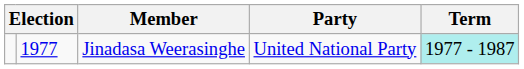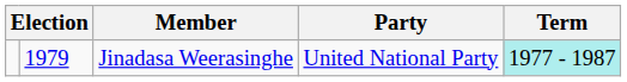 <table class="wikitable">
 <tr>
 <th colspan="2">Election</th>
 <th>Member</th>
 <th>Party</th>
 <th>Term</th>
 </tr>
 <tr>
 <td style="background-color: "></td>
-<td><a href='#'>1977</a></td>
+<td><a href='#'>1979</a></td>
 <td><a href='#'>Jinadasa Weerasinghe</a></td>
 <td><a href='#'>United National Party</a></td>
 <td style="background: paleturquoise;">1977 - 1987</td>
 </tr>
 </table>
